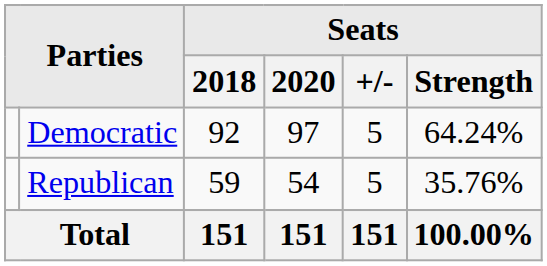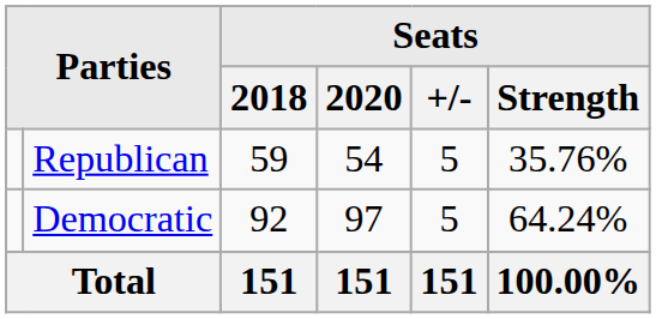 <table class="wikitable">
 <tr>
 <th style="background-color:#E9E9E9" align=center rowspan= 2 colspan=2>Parties</th>
 <th style="background-color:#E9E9E9" align=center colspan=4>Seats</th>
 </tr>
 <tr>
 <th align=center>2018</th>
 <th align=center>2020</th>
 <th align=center>+/-</th>
 <th align=center>Strength</th>
 </tr>
 <tr>
 <td></td>
+<td align=left><a href='#'>Republican</a></td>
+<td align=center>59</td>
+<td align=center>54</td>
+<td align=center>5</td>
+<td align=center>35.76%</td>
+</tr>
+<tr>
+<td></td>
 <td><a href='#'>Democratic</a></td>
 <td align=center >92</td>
 <td align=center >97</td>
 <td align=center >5</td>
 <td align=center >64.24%</td>
-</tr>
-<tr>
-<td></td>
-<td align=left><a href='#'>Republican</a></td>
-<td align=center>59</td>
-<td align=center>54</td>
-<td align=center>5</td>
-<td align=center>35.76%</td>
 </tr>
 <tr>
 <th colspan="2">Total</th>
 <th>151</th>
 <th>151</th>
 <th>151</th>
 <th>100.00%</th>
 </tr>
 </table>
